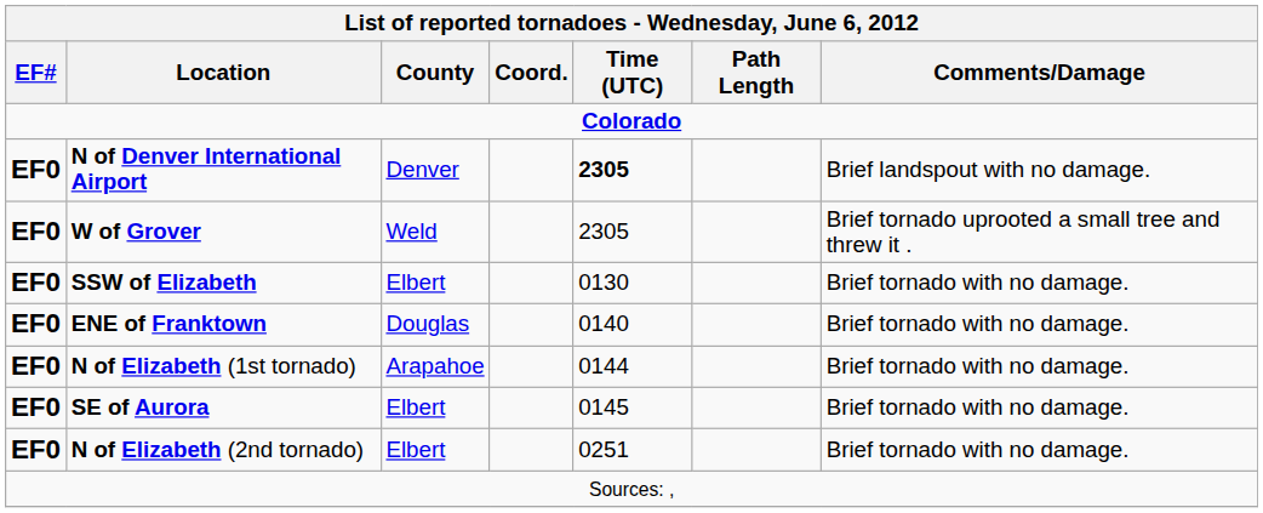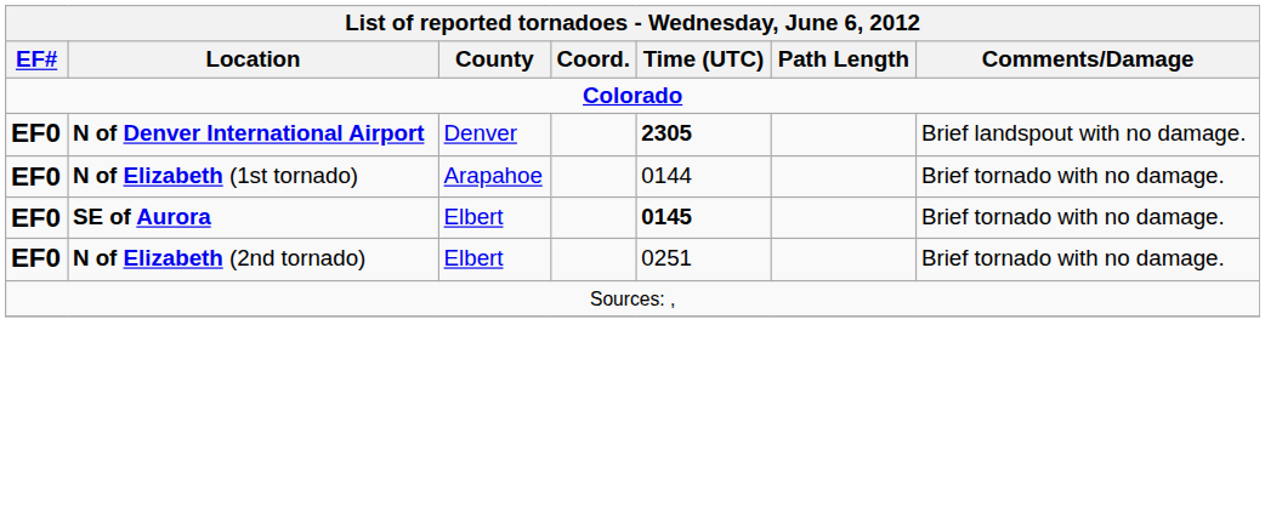 <table class="wikitable collapsible" width="100%">
 <tr>
 <th colspan="7">List of reported tornadoes - Wednesday, June 6, 2012</th>
 </tr>
 <tr>
 <th><a href='#'>EF#</a></th>
 <th>Location</th>
 <th>County</th>
 <th>Coord.</th>
 <th>Time (UTC)</th>
 <th>Path Length</th>
 <th>Comments/Damage</th>
 </tr>
 <tr>
 <td colspan="7" align=center><strong><a href='#'>Colorado</a></strong></td>
 </tr>
 <tr>
 <td><big><strong>EF0</strong></big></td>
 <td><strong>N of <a href='#'>Denver International Airport</a></strong></td>
 <td><a href='#'>Denver</a></td>
 <td></td>
 <td><strong>2305</strong></td>
 <td></td>
 <td>Brief landspout with no damage.</td>
 </tr>
 <tr>
 <td><big><strong>EF0</strong></big></td>
-<td><strong>W of <a href='#'>Grover</a></strong></td>
-<td><a href='#'>Weld</a></td>
-<td></td>
-<td>2305</td>
-<td></td>
-<td>Brief tornado uprooted a small tree and threw it .</td>
-</tr>
-<tr>
-<td><big><strong>EF0</strong></big></td>
-<td><strong>SSW of <a href='#'>Elizabeth</a></strong></td>
-<td><a href='#'>Elbert</a></td>
-<td></td>
-<td>0130</td>
-<td></td>
-<td>Brief tornado with no damage.</td>
-</tr>
-<tr>
-<td><big><strong>EF0</strong></big></td>
-<td><strong>ENE of <a href='#'>Franktown</a></strong></td>
-<td><a href='#'>Douglas</a></td>
-<td></td>
-<td>0140</td>
-<td></td>
-<td>Brief tornado with no damage.</td>
-</tr>
-<tr>
-<td><big><strong>EF0</strong></big></td>
 <td><strong>N of <a href='#'>Elizabeth</a></strong> (1st tornado)</td>
 <td><a href='#'>Arapahoe</a></td>
 <td></td>
 <td>0144</td>
 <td></td>
 <td>Brief tornado with no damage.</td>
 </tr>
 <tr>
 <td><big><strong>EF0</strong></big></td>
 <td><strong>SE of <a href='#'>Aurora</a></strong></td>
 <td><a href='#'>Elbert</a></td>
 <td></td>
-<td>0145</td>
+<td><strong>0145</strong></td>
 <td></td>
 <td>Brief tornado with no damage.</td>
 </tr>
 <tr>
 <td><big><strong>EF0</strong></big></td>
 <td><strong>N of <a href='#'>Elizabeth</a></strong> (2nd tornado)</td>
 <td><a href='#'>Elbert</a></td>
 <td></td>
 <td>0251</td>
 <td></td>
 <td>Brief tornado with no damage.</td>
 </tr>
 <tr>
 <td colspan="7" align=center><small>Sources: , </small></td>
 </tr>
 <tr>
 </tr>
 </table>
